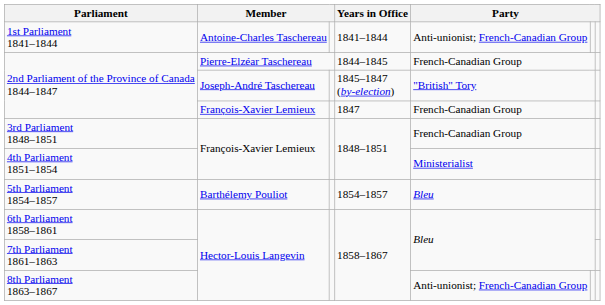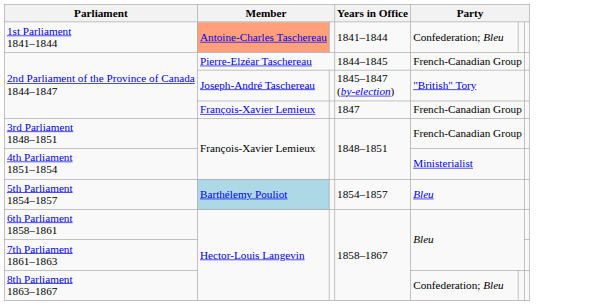 <table class="wikitable">
 <tr>
 <th>Parliament</th>
 <th colspan = "2">Member</th>
 <th>Years in Office</th>
 <th colspan = "3">Party</th>
 </tr>
 <tr>
 <td><a href='#'>1st Parliament</a><br>1841–1844</td>
-<td><a href='#'>Antoine-Charles Taschereau</a></td>
+<td style="background: lightsalmon;"><a href='#'>Antoine-Charles Taschereau</a></td>
 <td></td>
 <td>1841–1844</td>
-<td>Anti-unionist; <a href='#'>French-Canadian Group</a></td>
+<td>Confederation; <em>Bleu</em></td>
 <td></td>
 <td></td>
 </tr>
 <tr>
 <td rowspan = "3"><a href='#'>2nd Parliament of the Province of Canada</a> <br>1844–1847</td>
 <td colspan = "2"><a href='#'>Pierre-Elzéar Taschereau</a></td>
 <td>1844–1845</td>
 <td colspan = "2">French-Canadian Group</td>
 <td></td>
 </tr>
 <tr>
 <td><a href='#'>Joseph-André Taschereau</a></td>
 <td></td>
 <td>1845–1847 <br> (<em><a href='#'>by-election</a></em>)</td>
 <td colspan = "2"><a href='#'>"British" Tory</a></td>
 <td></td>
 </tr>
 <tr>
 <td><a href='#'>François-Xavier Lemieux</a></td>
 <td></td>
 <td>1847</td>
 <td colspan = "2">French-Canadian Group</td>
 <td></td>
 </tr>
 <tr>
 <td><a href='#'>3rd Parliament</a> <br> 1848–1851</td>
 <td rowspan = "2">François-Xavier Lemieux</td>
 <td rowspan = "2"></td>
 <td rowspan = "2">1848–1851</td>
 <td colspan = "2">French-Canadian Group</td>
 <td></td>
 </tr>
 <tr>
 <td><a href='#'>4th Parliament</a> <br> 1851–1854</td>
 <td colspan = "2"><a href='#'>Ministerialist</a></td>
 <td></td>
 </tr>
 <tr>
 <td><a href='#'>5th Parliament</a> <br> 1854–1857</td>
-<td><a href='#'>Barthélemy Pouliot</a></td>
+<td style="background: lightblue;"><a href='#'>Barthélemy Pouliot</a></td>
 <td></td>
 <td>1854–1857</td>
 <td colspan="2'"><a href='#'><em>Bleu</em></a></td>
 <td></td>
 </tr>
 <tr>
 <td><a href='#'>6th Parliament</a> <br>1858–1861</td>
 <td rowspan = "3"><a href='#'>Hector-Louis Langevin</a></td>
 <td rowspan = "3"></td>
 <td rowspan = "3">1858–1867</td>
 <td rowspan = "2" colspan = "2"><em>Bleu</em></td>
 <td></td>
 </tr>
 <tr>
 <td><a href='#'>7th Parliament</a> <br> 1861–1863</td>
 <td></td>
 </tr>
 <tr>
 <td><a href='#'>8th Parliament</a> <br> 1863–1867</td>
-<td>Anti-unionist; <a href='#'>French-Canadian Group</a></td>
+<td>Confederation; <em>Bleu</em></td>
 <td></td>
 <td></td>
 </tr>
 </table>
